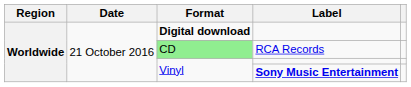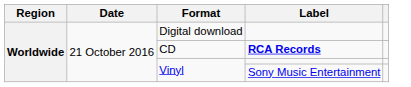 <table class="wikitable plainrowheaders">
 <tr>
 <th scope="col">Region</th>
 <th scope="col">Date</th>
 <th scope="col">Format</th>
 <th scope="col">Label</th>
 <th scope="col"></th>
 </tr>
 <tr>
 <th rowspan="4" scope="row">Worldwide</th>
 <td rowspan="4">21 October 2016</td>
-<td><strong>Digital download</strong></td>
+<td>Digital download</td>
 <td></td>
 <td></td>
 </tr>
 <tr>
-<td style="background: lightgreen;">CD</td>
-<td><a href='#'>RCA Records</a></td>
+<td>CD</td>
+<td><strong><a href='#'>RCA Records</a></strong></td>
 <td></td>
 </tr>
 <tr>
 <td rowspan="4"><a href='#'>Vinyl</a></td>
 <td></td>
 <td></td>
 </tr>
 <tr>
-<td><strong><a href='#'>Sony Music Entertainment</a> </strong></td>
+<td><a href='#'>Sony Music Entertainment</a> </td>
 <td></td>
 </tr>
 </table>
